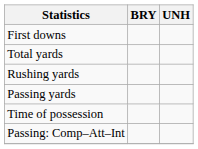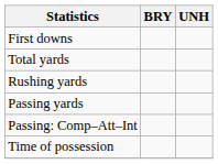 <table class="wikitable" style="float: left;">
 <tr>
 <th>Statistics</th>
 <th>BRY</th>
 <th>UNH</th>
 </tr>
 <tr>
 <td>First downs</td>
 <td></td>
 <td></td>
 </tr>
 <tr>
 <td>Total yards</td>
 <td></td>
 <td></td>
 </tr>
 <tr>
 <td>Rushing yards</td>
 <td></td>
 <td></td>
 </tr>
 <tr>
 <td>Passing yards</td>
 <td></td>
 <td></td>
 </tr>
 <tr>
-<td>Time of possession</td>
+<td>Passing: Comp–Att–Int</td>
 <td></td>
 <td></td>
 </tr>
 <tr>
-<td>Passing: Comp–Att–Int</td>
+<td>Time of possession</td>
 <td></td>
 <td></td>
 </tr>
 <tr>
 </tr>
 </table>
